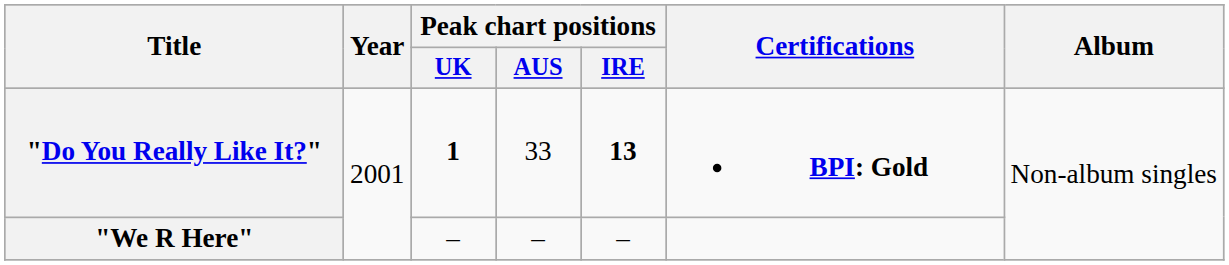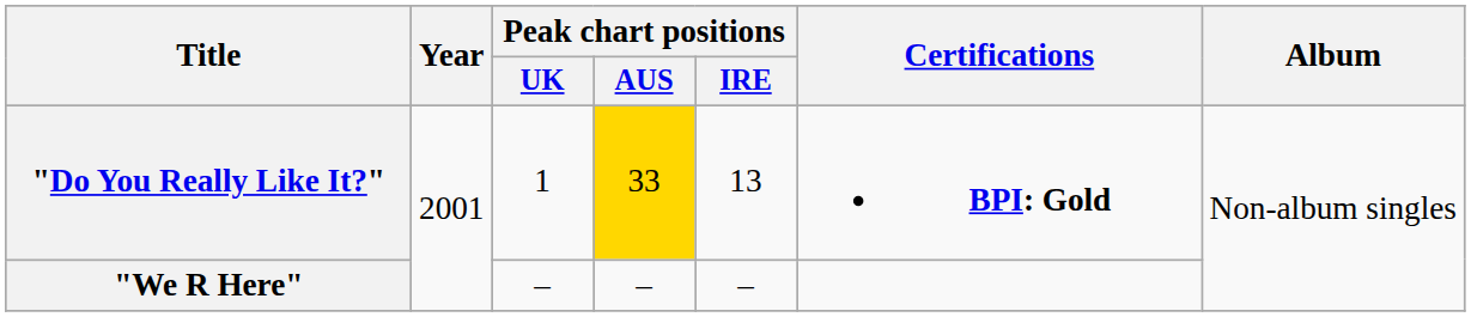 <table class="wikitable plainrowheaders" style="text-align:center;">
 <tr>
 <th scope="col" rowspan="2" style="width:12em;">Title</th>
 <th scope="col" rowspan="2">Year</th>
 <th scope="col" colspan="3">Peak chart positions</th>
 <th scope="col" rowspan="2" style="width:12em;"><a href='#'>Certifications</a></th>
 <th scope="col" rowspan="2">Album</th>
 </tr>
 <tr>
 <th style="width:3em;font-size:90%;"><a href='#'>UK</a><br></th>
 <th style="width:3em;font-size:90%;"><a href='#'>AUS</a><br></th>
 <th style="width:3em;font-size:90%;"><a href='#'>IRE</a><br></th>
 </tr>
 <tr>
 <th scope="row">"<a href='#'>Do You Really Like It?</a>"</th>
 <td rowspan=2>2001</td>
-<td><strong>1</strong></td>
-<td>33</td>
-<td><strong>13</strong></td>
+<td>1</td>
+<td style="background: gold;">33</td>
+<td>13</td>
 <td><strong><br><ul><li><a href='#'>BPI</a>: Gold</li></ul></strong></td>
 <td rowspan=3>Non-album singles</td>
 </tr>
 <tr>
 <th scope="row">"We R Here"</th>
 <td>–</td>
 <td>–</td>
 <td>–</td>
 <td></td>
 </tr>
 </table>
